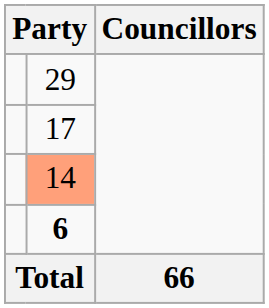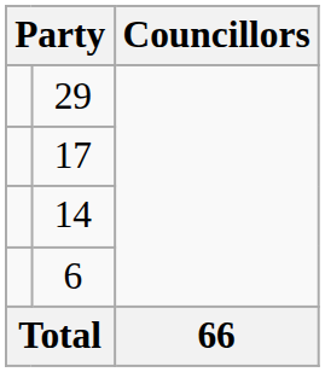 <table class="wikitable">
 <tr>
 <th colspan=2>Party</th>
 <th>Councillors</th>
 </tr>
 <tr>
 <td></td>
 <td align=center>29</td>
 </tr>
 <tr>
 <td></td>
 <td align=center>17</td>
 </tr>
 <tr>
 <td></td>
-<td align=center style="background: lightsalmon;">14</td>
+<td align=center>14</td>
 </tr>
 <tr>
 <td></td>
-<td align=center><strong>6</strong></td>
+<td align=center>6</td>
 </tr>
 <tr>
 <th colspan=2>Total</th>
 <th align=center>66</th>
 </tr>
 </table>
